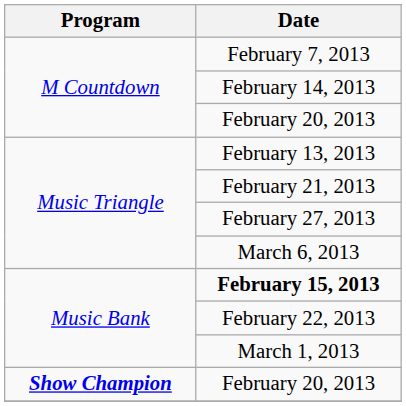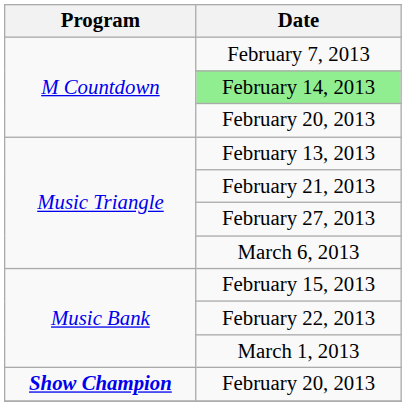 <table class="wikitable" style="text-align:center">
 <tr>
 <th width="140">Program</th>
 <th width="150">Date</th>
 </tr>
 <tr>
 <td rowspan="3"><em><a href='#'>M Countdown</a></em></td>
 <td>February 7, 2013</td>
 </tr>
 <tr>
-<td>February 14, 2013</td>
+<td style="background: lightgreen;">February 14, 2013</td>
 </tr>
 <tr>
 <td>February 20, 2013</td>
 </tr>
 <tr>
 <td rowspan="4"><em><a href='#'>Music Triangle</a></em></td>
 <td>February 13, 2013</td>
 </tr>
 <tr>
 <td>February 21, 2013</td>
 </tr>
 <tr>
 <td>February 27, 2013</td>
 </tr>
 <tr>
 <td>March 6, 2013</td>
 </tr>
 <tr>
 <td rowspan="3"><em><a href='#'>Music Bank</a></em></td>
-<td><strong>February 15, 2013</strong></td>
+<td>February 15, 2013</td>
 </tr>
 <tr>
 <td>February 22, 2013</td>
 </tr>
 <tr>
 <td>March 1, 2013</td>
 </tr>
 <tr>
 <td><strong><em><a href='#'>Show Champion</a></em></strong></td>
 <td>February 20, 2013</td>
 </tr>
 <tr>
 </tr>
 </table>
